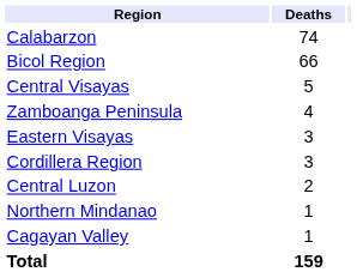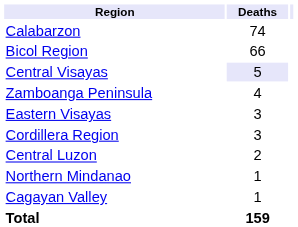 <table class="toccolours" style="font-size:88%; float:right; clear:right; margin:0.5em 0 0.5em 1em; width:20em;">
 <tr>
 <td colspan="6" style="padding: 0; margin: 0"></td>
 </tr>
 <tr style="font-size:80%;background:lavender">
 <th>Region</th>
 <th>Deaths</th>
 <th rowspan="1"></th>
 </tr>
 <tr>
 <td align="left"><a href='#'>Calabarzon</a></td>
 <td style="text-align:center;">74</td>
 <td></td>
 </tr>
 <tr>
 <td align="left"><a href='#'>Bicol Region</a></td>
 <td style="text-align:center;">66</td>
 <td></td>
 </tr>
 <tr>
 <td align="left"><a href='#'>Central Visayas</a></td>
-<td style="text-align:center;">5</td>
+<td style="background: lavender; text-align:center;">5</td>
 <td></td>
 </tr>
 <tr>
 <td align="left"><a href='#'>Zamboanga Peninsula</a></td>
 <td style="text-align:center;">4</td>
 <td></td>
 </tr>
 <tr>
 <td align="left"><a href='#'>Eastern Visayas</a></td>
 <td style="text-align:center;">3</td>
 <td></td>
 </tr>
 <tr>
 <td align="left"><a href='#'>Cordillera Region</a></td>
 <td style="text-align:center;">3</td>
 <td></td>
 </tr>
 <tr>
 <td align="left"><a href='#'>Central Luzon</a></td>
 <td style="text-align:center;">2</td>
 <td></td>
 </tr>
 <tr>
 <td align="left"><a href='#'>Northern Mindanao</a></td>
 <td style="text-align:center;">1</td>
 <td></td>
 </tr>
 <tr>
 <td align="left"><a href='#'>Cagayan Valley</a></td>
 <td style="text-align:center;">1</td>
 <td></td>
 </tr>
 <tr>
 <td align="left"><strong>Total</strong></td>
 <td style="text-align:center;"><strong>159</strong></td>
 </tr>
 <tr style="padding: 0; margin: 0">
 <td colspan="6" style="padding: 0; margin: 0"></td>
 </tr>
 </table>
